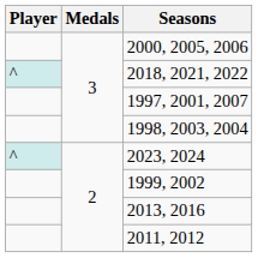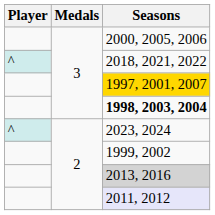 <table class="wikitable sortable">
 <tr>
 <th>Player</th>
 <th>Medals</th>
 <th class="unsortable">Seasons</th>
 </tr>
 <tr>
 <td></td>
 <td style="text-align:center;" rowspan="4">3</td>
 <td>2000, 2005, 2006</td>
 </tr>
 <tr>
 <td style="text-align:left; background:#cfecec;">^</td>
 <td>2018, 2021, 2022</td>
 </tr>
 <tr>
 <td></td>
-<td>1997, 2001, 2007</td>
+<td style="background: gold;">1997, 2001, 2007</td>
 </tr>
 <tr>
 <td></td>
-<td>1998, 2003, 2004</td>
+<td><strong>1998, 2003, 2004</strong></td>
 </tr>
 <tr>
 <td style="text-align:left; background:#cfecec;">^</td>
 <td style="text-align:center;" rowspan="4">2</td>
 <td>2023, 2024</td>
 </tr>
 <tr>
 <td style="text-align:left"></td>
 <td>1999, 2002</td>
 </tr>
 <tr>
 <td style="text-align:left"></td>
-<td>2013, 2016</td>
+<td style="background: lightgrey;">2013, 2016</td>
 </tr>
 <tr>
 <td></td>
-<td>2011, 2012</td>
+<td style="background: lavender;">2011, 2012</td>
 </tr>
 </table>
